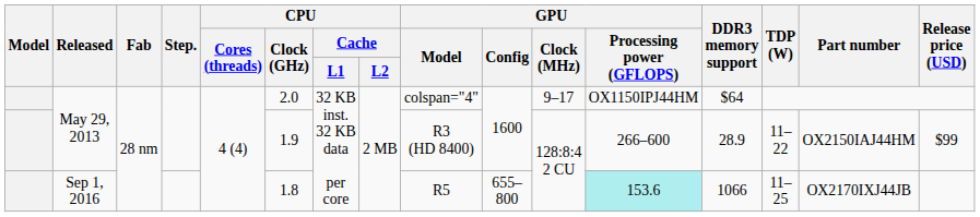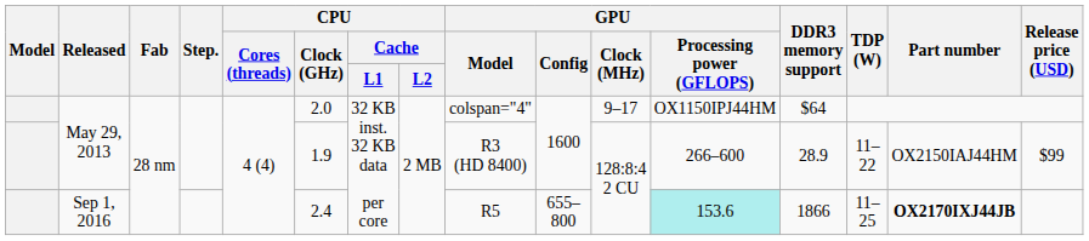 <table class="wikitable" style="text-align: center">
 <tr>
 <th rowspan="3">Model</th>
 <th rowspan="3">Released</th>
 <th rowspan="3">Fab</th>
 <th rowspan="3">Step.</th>
 <th colspan="4">CPU</th>
 <th colspan="4">GPU</th>
 <th rowspan="3">DDR3<br>memory<br>support</th>
 <th rowspan="3">TDP<br>(W)</th>
 <th rowspan="3">Part number</th>
 <th rowspan="3">Release<br>price<br>(<a href='#'>USD</a>)</th>
 </tr>
 <tr>
 <th rowspan="2"><a href='#'>Cores</a><br><a href='#'>(threads)</a></th>
 <th rowspan="2">Clock<br>(GHz)</th>
 <th colspan="2"><a href='#'>Cache</a></th>
 <th rowspan="2">Model</th>
 <th rowspan="2">Config</th>
 <th rowspan="2">Clock<br>(MHz)</th>
 <th rowspan="2">Processing<br>power<br>(<a href='#'>GFLOPS</a>)</th>
 </tr>
 <tr>
 <th><a href='#'>L1</a></th>
 <th><a href='#'>L2</a></th>
 </tr>
 <tr>
 <th style="text-align: left"></th>
 <td rowspan="2">May 29, 2013</td>
 <td rowspan="3">28 nm</td>
 <td rowspan="2"></td>
 <td rowspan="3">4 (4)</td>
 <td>2.0</td>
 <td rowspan="3">32 KB inst.<br>32 KB data<br><br>per core</td>
 <td rowspan="3">2 MB</td>
 <td>colspan="4" </td>
 <td rowspan="2">1600</td>
 <td>9–17</td>
 <td>OX1150IPJ44HM</td>
 <td>$64</td>
 </tr>
 <tr>
 <th style="text-align: left"></th>
 <td>1.9</td>
 <td>R3 (HD 8400)</td>
 <td rowspan="2">128:8:4<br>2 CU</td>
 <td>266–600</td>
 <td>28.9</td>
 <td>11–22</td>
 <td>OX2150IAJ44HM</td>
 <td>$99</td>
 </tr>
 <tr>
 <th style="text-align: left"></th>
 <td>Sep 1, 2016</td>
 <td></td>
-<td>1.8</td>
+<td>2.4</td>
 <td>R5</td>
 <td>655–800</td>
 <td style="background: paleturquoise;">153.6</td>
-<td>1066</td>
+<td>1866</td>
 <td>11–25</td>
-<td>OX2170IXJ44JB</td>
+<td><strong>OX2170IXJ44JB</strong></td>
 <td></td>
 </tr>
 </table>
